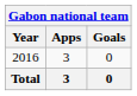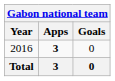 <table class="wikitable" style="text-align:center">
 <tr>
 <th colspan=3><a href='#'>Gabon national team</a></th>
 </tr>
 <tr>
 <th>Year</th>
 <th>Apps</th>
 <th>Goals</th>
 </tr>
 <tr>
 <td>2016</td>
-<td>3</td>
+<td><strong>3</strong></td>
 <td>0</td>
 </tr>
 <tr>
 <th>Total</th>
 <th>3</th>
 <th>0</th>
 </tr>
 </table>
